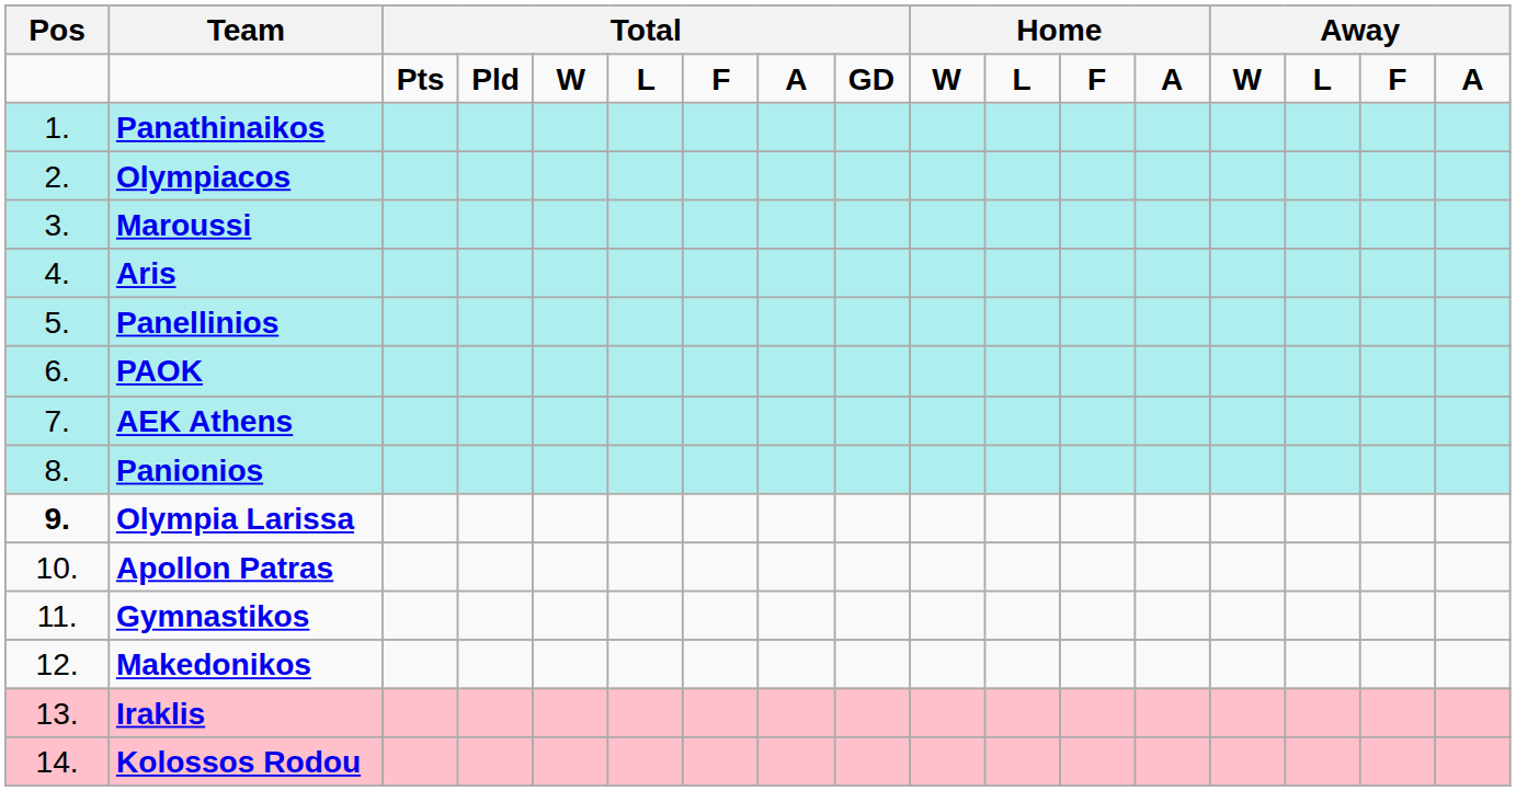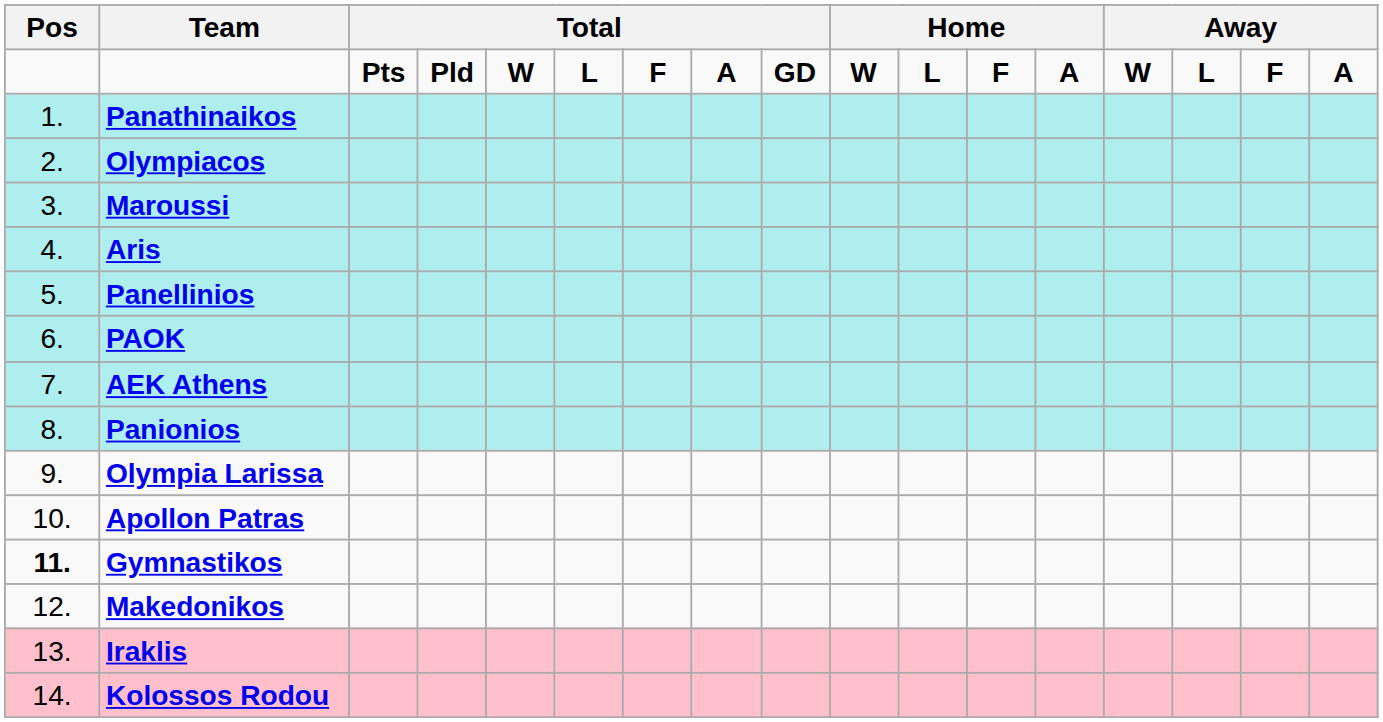 <table class="wikitable" style="text-align: center; font-size:95%">
 <tr>
 <th width="44">Pos</th>
 <th width="128">Team</th>
 <th colspan=7>Total</th>
 <th colspan=4>Home</th>
 <th colspan=4>Away</th>
 </tr>
 <tr>
 <td></td>
 <td></td>
 <td width="30"><strong>Pts</strong></td>
 <td width="30"><strong>Pld</strong></td>
 <td width="30"><strong>W</strong></td>
 <td width="30"><strong>L</strong></td>
 <td width="30"><strong>F</strong></td>
 <td width="30"><strong>A</strong></td>
 <td width="30"><strong>GD</strong></td>
 <td width="30"><strong>W</strong></td>
 <td width="30"><strong>L</strong></td>
 <td width="30"><strong>F</strong></td>
 <td width="30"><strong>A</strong></td>
 <td width="30"><strong>W</strong></td>
 <td width="30"><strong>L</strong></td>
 <td width="30"><strong>F</strong></td>
 <td width="30"><strong>A</strong></td>
 </tr>
 <tr bgcolor="afeeee">
 <td>1.</td>
 <td align="left"><strong><a href='#'>Panathinaikos</a></strong></td>
 <td></td>
 <td></td>
 <td></td>
 <td></td>
 <td></td>
 <td></td>
 <td></td>
 <td></td>
 <td></td>
 <td></td>
 <td></td>
 <td></td>
 <td></td>
 <td></td>
 <td></td>
 </tr>
 <tr bgcolor="afeeee">
 <td>2.</td>
 <td align="left"><strong><a href='#'>Olympiacos</a></strong></td>
 <td></td>
 <td></td>
 <td></td>
 <td></td>
 <td></td>
 <td></td>
 <td></td>
 <td></td>
 <td></td>
 <td></td>
 <td></td>
 <td></td>
 <td></td>
 <td></td>
 <td></td>
 </tr>
 <tr bgcolor="afeeee">
 <td>3.</td>
 <td align="left"><strong><a href='#'>Maroussi</a></strong></td>
 <td></td>
 <td></td>
 <td></td>
 <td></td>
 <td></td>
 <td></td>
 <td></td>
 <td></td>
 <td></td>
 <td></td>
 <td></td>
 <td></td>
 <td></td>
 <td></td>
 <td></td>
 </tr>
 <tr bgcolor="afeeee">
 <td>4.</td>
 <td align="left"><strong><a href='#'>Aris</a></strong></td>
 <td></td>
 <td></td>
 <td></td>
 <td></td>
 <td></td>
 <td></td>
 <td></td>
 <td></td>
 <td></td>
 <td></td>
 <td></td>
 <td></td>
 <td></td>
 <td></td>
 <td></td>
 </tr>
 <tr bgcolor="afeeee">
 <td>5.</td>
 <td align="left"><strong><a href='#'>Panellinios</a></strong></td>
 <td></td>
 <td></td>
 <td></td>
 <td></td>
 <td></td>
 <td></td>
 <td></td>
 <td></td>
 <td></td>
 <td></td>
 <td></td>
 <td></td>
 <td></td>
 <td></td>
 <td></td>
 </tr>
 <tr bgcolor="afeeee">
 <td>6.</td>
 <td align="left"><strong><a href='#'>PAOK</a></strong></td>
 <td></td>
 <td></td>
 <td></td>
 <td></td>
 <td></td>
 <td></td>
 <td></td>
 <td></td>
 <td></td>
 <td></td>
 <td></td>
 <td></td>
 <td></td>
 <td></td>
 <td></td>
 </tr>
 <tr bgcolor="afeeee">
 <td>7.</td>
 <td align="left"><strong><a href='#'>AEK Athens</a></strong></td>
 <td></td>
 <td></td>
 <td></td>
 <td></td>
 <td></td>
 <td></td>
 <td></td>
 <td></td>
 <td></td>
 <td></td>
 <td></td>
 <td></td>
 <td></td>
 <td></td>
 <td></td>
 </tr>
 <tr bgcolor="afeeee">
 <td>8.</td>
 <td align="left"><strong><a href='#'>Panionios</a></strong></td>
 <td></td>
 <td></td>
 <td></td>
 <td></td>
 <td></td>
 <td></td>
 <td></td>
 <td></td>
 <td></td>
 <td></td>
 <td></td>
 <td></td>
 <td></td>
 <td></td>
 <td></td>
 </tr>
 <tr>
-<td><strong>9.</strong></td>
+<td>9.</td>
 <td align="left"><strong><a href='#'>Olympia Larissa</a></strong></td>
 <td></td>
 <td></td>
 <td></td>
 <td></td>
 <td></td>
 <td></td>
 <td></td>
 <td></td>
 <td></td>
 <td></td>
 <td></td>
 <td></td>
 <td></td>
 <td></td>
 <td></td>
 </tr>
 <tr>
 <td>10.</td>
 <td align="left"><strong><a href='#'>Apollon Patras</a></strong></td>
 <td></td>
 <td></td>
 <td></td>
 <td></td>
 <td></td>
 <td></td>
 <td></td>
 <td></td>
 <td></td>
 <td></td>
 <td></td>
 <td></td>
 <td></td>
 <td></td>
 <td></td>
 </tr>
 <tr>
-<td>11.</td>
+<td><strong>11.</strong></td>
 <td align="left"><strong><a href='#'>Gymnastikos</a></strong></td>
 <td></td>
 <td></td>
 <td></td>
 <td></td>
 <td></td>
 <td></td>
 <td></td>
 <td></td>
 <td></td>
 <td></td>
 <td></td>
 <td></td>
 <td></td>
 <td></td>
 <td></td>
 </tr>
 <tr>
 <td>12.</td>
 <td align="left"><strong><a href='#'>Makedonikos</a></strong></td>
 <td></td>
 <td></td>
 <td></td>
 <td></td>
 <td></td>
 <td></td>
 <td></td>
 <td></td>
 <td></td>
 <td></td>
 <td></td>
 <td></td>
 <td></td>
 <td></td>
 <td></td>
 </tr>
 <tr bgcolor="ffc0cb">
 <td>13.</td>
 <td align="left"><strong><a href='#'>Iraklis</a></strong></td>
 <td></td>
 <td></td>
 <td></td>
 <td></td>
 <td></td>
 <td></td>
 <td></td>
 <td></td>
 <td></td>
 <td></td>
 <td></td>
 <td></td>
 <td></td>
 <td></td>
 <td></td>
 </tr>
 <tr bgcolor="ffc0cb">
 <td>14.</td>
 <td align="left"><strong><a href='#'>Kolossos Rodou</a></strong></td>
 <td></td>
 <td></td>
 <td></td>
 <td></td>
 <td></td>
 <td></td>
 <td></td>
 <td></td>
 <td></td>
 <td></td>
 <td></td>
 <td></td>
 <td></td>
 <td></td>
 <td></td>
 </tr>
 </table>
